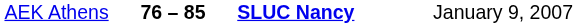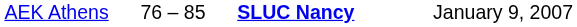 <table style="text-align:center">
 <tr>
 <th width=160></th>
 <th width=100></th>
 <th width=160></th>
 <th width=200></th>
 </tr>
 <tr>
 <td align=right><a href='#'>AEK Athens</a> </td>
-<td><strong>76 – 85</strong></td>
+<td>76 – 85</td>
 <td align=left> <strong><a href='#'>SLUC Nancy</a></strong></td>
 <td align=left>January 9, 2007</td>
 </tr>
 </table>
